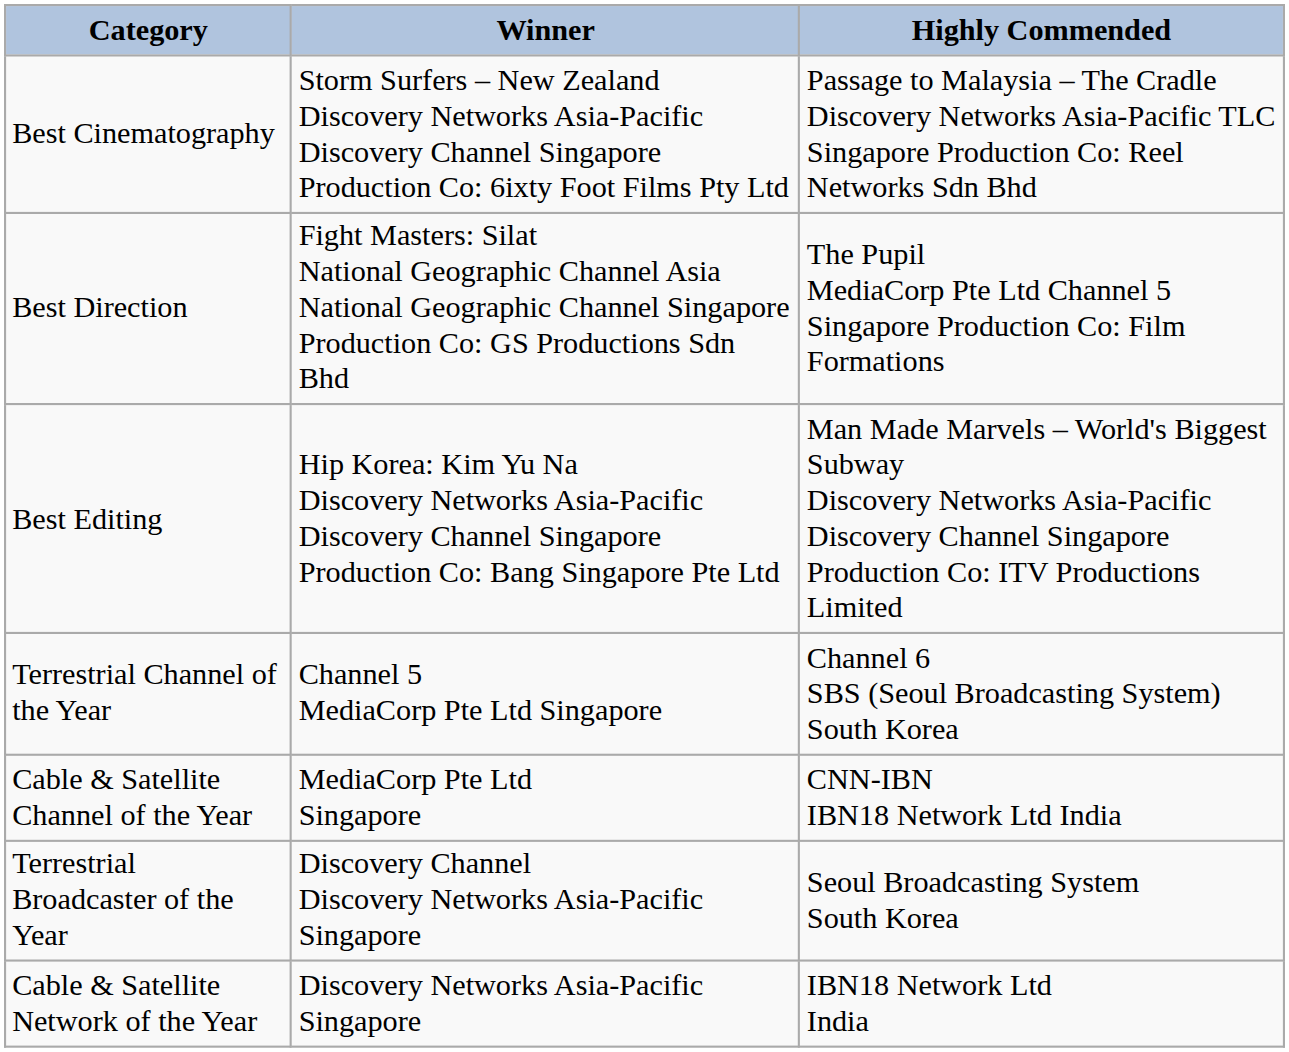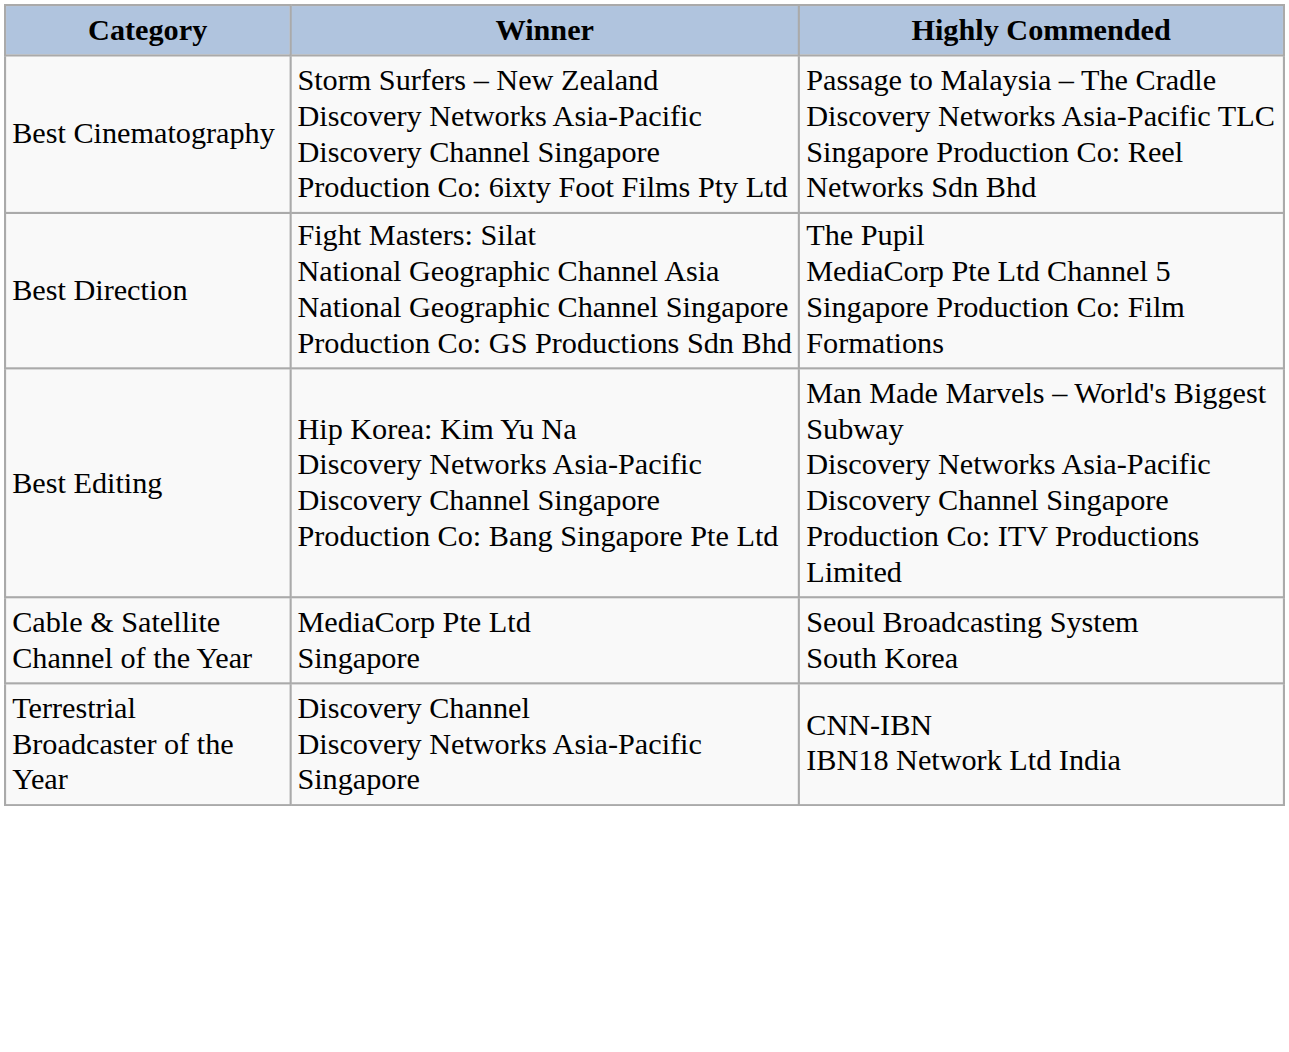 <table class="wikitable" style="font-size:90%" cellpadding="5">
 <tr style="text-align:center;">
 <th style="background:#B0C4DE;">Category</th>
 <th style="background:#B0C4DE;">Winner</th>
 <th style="background:#B0C4DE;">Highly Commended</th>
 </tr>
 <tr>
 <td>Best Cinematography</td>
 <td>Storm Surfers – New Zealand<br>Discovery Networks Asia-Pacific Discovery Channel Singapore Production Co: 6ixty Foot Films Pty Ltd</td>
 <td>Passage to Malaysia – The Cradle<br>Discovery Networks Asia-Pacific TLC Singapore Production Co: Reel Networks Sdn Bhd</td>
 </tr>
 <tr>
 <td>Best Direction</td>
 <td>Fight Masters: Silat<br>National Geographic Channel Asia National Geographic Channel Singapore Production Co: GS Productions Sdn Bhd</td>
 <td>The Pupil<br>MediaCorp Pte Ltd Channel 5 Singapore Production Co: Film Formations</td>
 </tr>
 <tr>
 <td>Best Editing</td>
 <td>Hip Korea: Kim Yu Na<br>Discovery Networks Asia-Pacific Discovery Channel Singapore Production Co: Bang Singapore Pte Ltd</td>
 <td>Man Made Marvels – World's Biggest Subway<br>Discovery Networks Asia-Pacific Discovery Channel Singapore Production Co: ITV Productions Limited</td>
 </tr>
 <tr>
-<td>Terrestrial Channel of the Year</td>
-<td>Channel 5<br>MediaCorp Pte Ltd Singapore</td>
-<td>Channel 6<br>SBS (Seoul Broadcasting System) South Korea</td>
-</tr>
-<tr>
 <td>Cable & Satellite Channel of the Year</td>
 <td>MediaCorp Pte Ltd<br>Singapore</td>
-<td> CNN-IBN<br>IBN18 Network Ltd India</td>
+<td>Seoul Broadcasting System<br>South Korea</td>
 </tr>
 <tr>
 <td>Terrestrial Broadcaster of the Year</td>
 <td>Discovery Channel<br>Discovery Networks Asia-Pacific Singapore</td>
-<td>Seoul Broadcasting System<br>South Korea</td>
-</tr>
-<tr>
-<td>Cable & Satellite Network of the Year</td>
-<td>Discovery Networks Asia-Pacific<br>Singapore</td>
-<td> IBN18 Network Ltd<br>India</td>
+<td> CNN-IBN<br>IBN18 Network Ltd India</td>
 </tr>
 </table>
